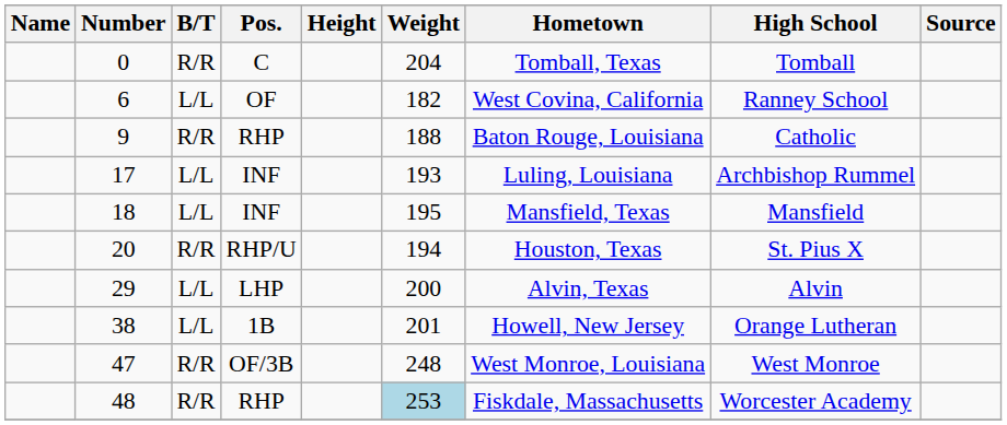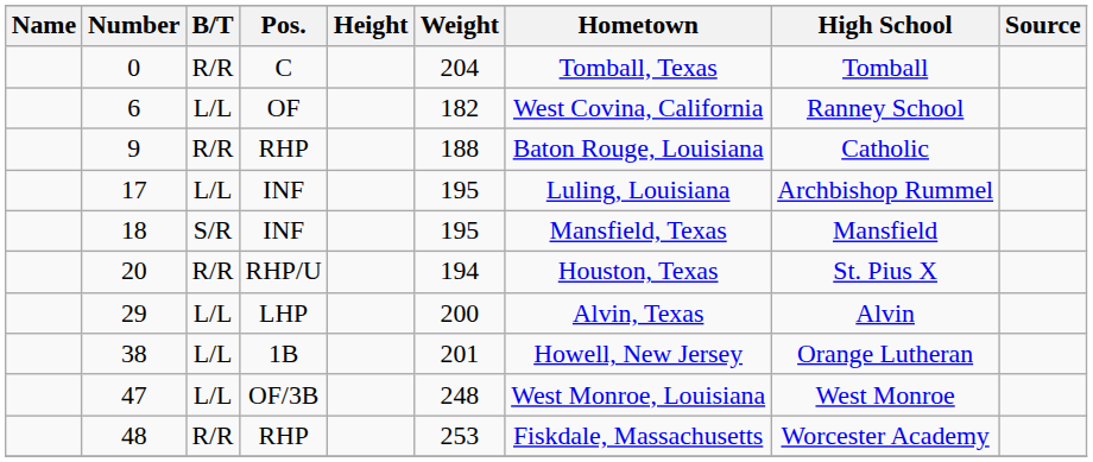 <table class="wikitable sortable">
 <tr>
 </tr>
 <tr>
 <th style="text-align:center; ">Name</th>
 <th style="text-align:center; ">Number</th>
 <th style="text-align:center; ">B/T</th>
 <th style="text-align:center; ">Pos.</th>
 <th style="text-align:center; ">Height</th>
 <th style="text-align:center; ">Weight</th>
 <th style="text-align:center; ">Hometown</th>
 <th style="text-align:center; ">High School</th>
 <th style="text-align:center; ">Source</th>
 </tr>
 <tr align="center">
 <td></td>
 <td>0</td>
 <td>R/R</td>
 <td>C</td>
 <td></td>
 <td>204</td>
 <td><a href='#'>Tomball, Texas</a></td>
 <td><a href='#'>Tomball</a></td>
 <td></td>
 </tr>
 <tr align="center">
 <td></td>
 <td>6</td>
 <td>L/L</td>
 <td>OF</td>
 <td></td>
 <td>182</td>
 <td><a href='#'>West Covina, California</a></td>
 <td><a href='#'>Ranney School</a></td>
 <td></td>
 </tr>
 <tr align="center">
 <td></td>
 <td>9</td>
 <td>R/R</td>
 <td>RHP</td>
 <td></td>
 <td>188</td>
 <td><a href='#'>Baton Rouge, Louisiana</a></td>
 <td><a href='#'>Catholic</a></td>
 <td></td>
 </tr>
 <tr align="center">
 <td></td>
 <td>17</td>
 <td>L/L</td>
 <td>INF</td>
 <td></td>
-<td>193</td>
+<td>195</td>
 <td><a href='#'>Luling, Louisiana</a></td>
 <td><a href='#'>Archbishop Rummel</a></td>
 <td></td>
 </tr>
 <tr align="center">
 <td></td>
 <td>18</td>
-<td>L/L</td>
+<td>S/R</td>
 <td>INF</td>
 <td></td>
 <td>195</td>
 <td><a href='#'>Mansfield, Texas</a></td>
 <td><a href='#'>Mansfield</a></td>
 <td></td>
 </tr>
 <tr align="center">
 <td></td>
 <td>20</td>
 <td>R/R</td>
 <td>RHP/U</td>
 <td></td>
 <td>194</td>
 <td><a href='#'>Houston, Texas</a></td>
 <td><a href='#'>St. Pius X</a></td>
 <td></td>
 </tr>
 <tr align="center">
 <td></td>
 <td>29</td>
 <td>L/L</td>
 <td>LHP</td>
 <td></td>
 <td>200</td>
 <td><a href='#'>Alvin, Texas</a></td>
 <td><a href='#'>Alvin</a></td>
 <td></td>
 </tr>
 <tr align="center">
 <td></td>
 <td>38</td>
 <td>L/L</td>
 <td>1B</td>
 <td></td>
 <td>201</td>
 <td><a href='#'>Howell, New Jersey</a></td>
 <td><a href='#'>Orange Lutheran</a></td>
 <td></td>
 </tr>
 <tr align="center">
 <td></td>
 <td>47</td>
-<td>R/R</td>
+<td>L/L</td>
 <td>OF/3B</td>
 <td></td>
 <td>248</td>
 <td><a href='#'>West Monroe, Louisiana</a></td>
 <td><a href='#'>West Monroe</a></td>
 <td></td>
 </tr>
 <tr align="center">
 <td></td>
 <td>48</td>
 <td>R/R</td>
 <td>RHP</td>
 <td></td>
-<td style="background: lightblue;">253</td>
+<td>253</td>
 <td><a href='#'>Fiskdale, Massachusetts</a></td>
 <td><a href='#'>Worcester Academy</a></td>
 <td></td>
 </tr>
 <tr>
 </tr>
 </table>
